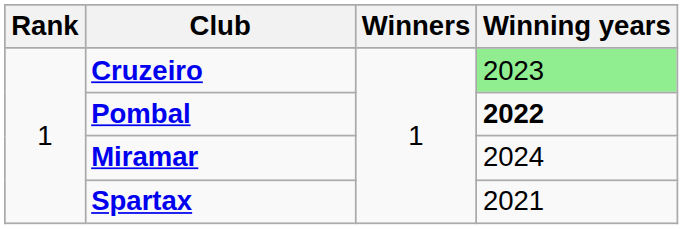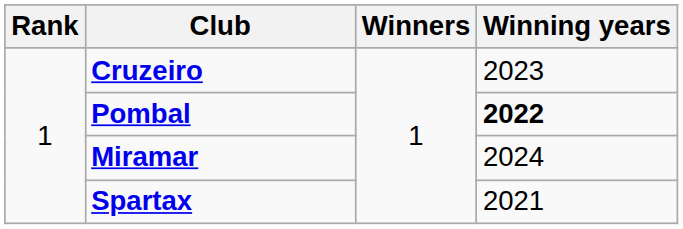 <table class="wikitable sortable">
 <tr>
 <th>Rank</th>
 <th style="width:150px">Club</th>
 <th>Winners</th>
 <th>Winning years</th>
 </tr>
 <tr>
 <td rowspan=4 align=center>1</td>
 <td><strong><a href='#'>Cruzeiro</a></strong></td>
 <td rowspan=4 align=center>1</td>
-<td style="background: lightgreen;">2023</td>
+<td>2023</td>
 </tr>
 <tr>
 <td><strong><a href='#'>Pombal</a></strong></td>
 <td><strong>2022</strong></td>
 </tr>
 <tr>
 <td><strong><a href='#'>Miramar</a></strong></td>
 <td>2024</td>
 </tr>
 <tr>
 <td><strong><a href='#'>Spartax</a></strong></td>
 <td>2021</td>
 </tr>
 </table>
